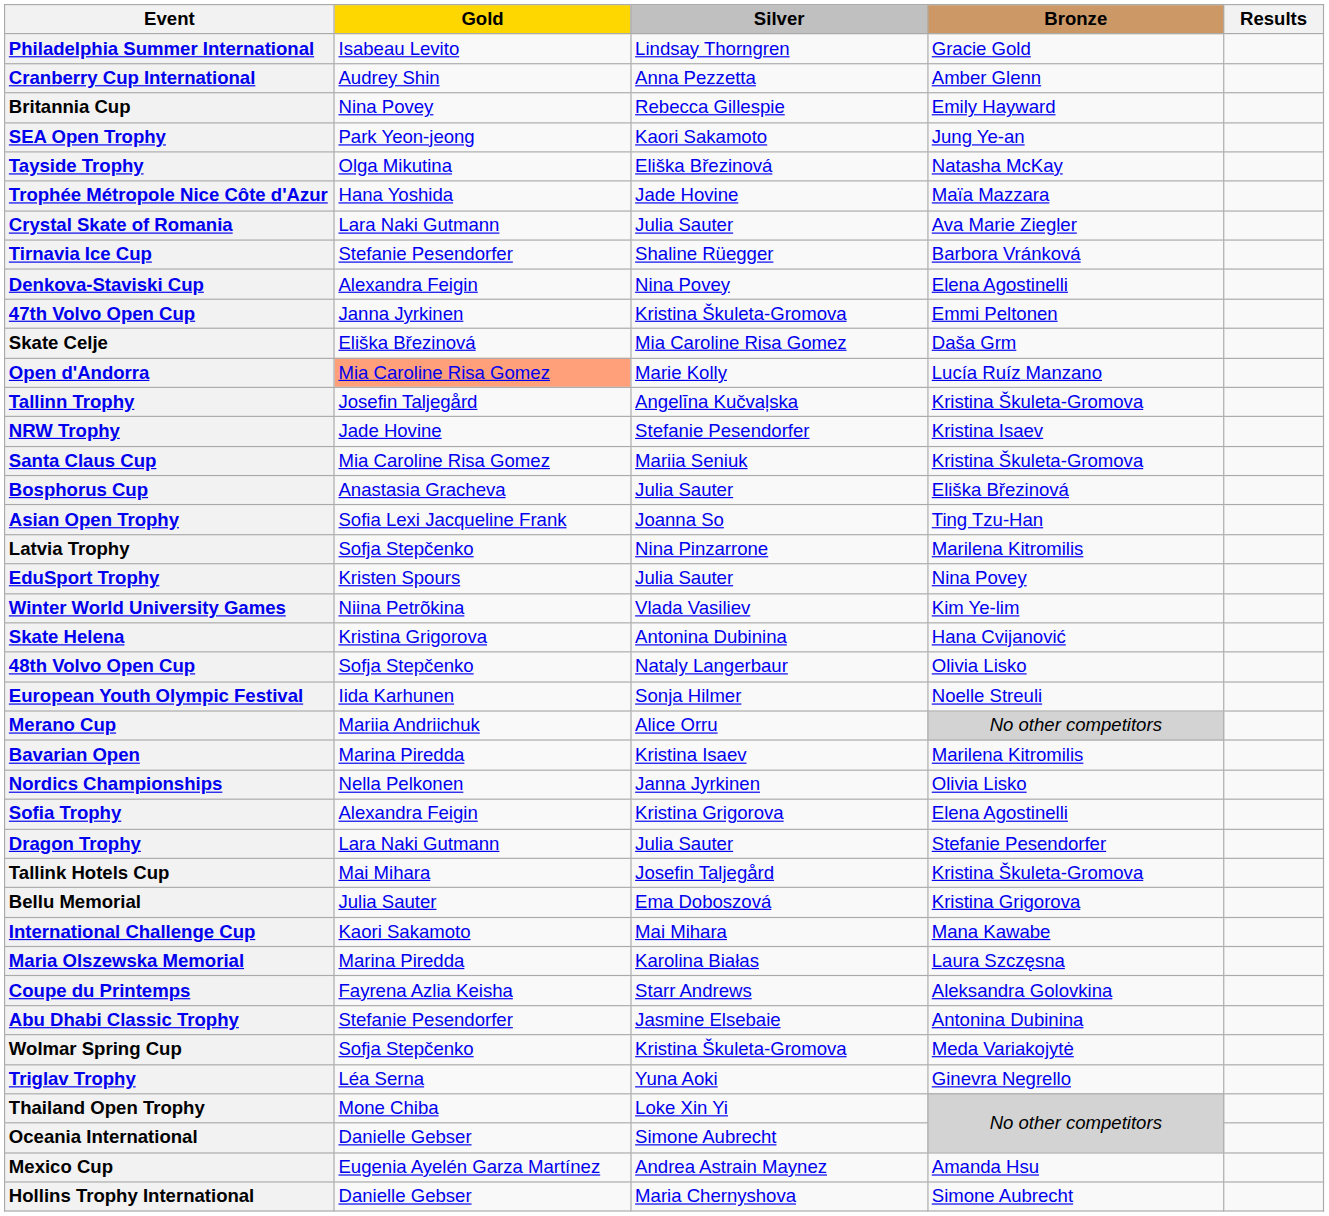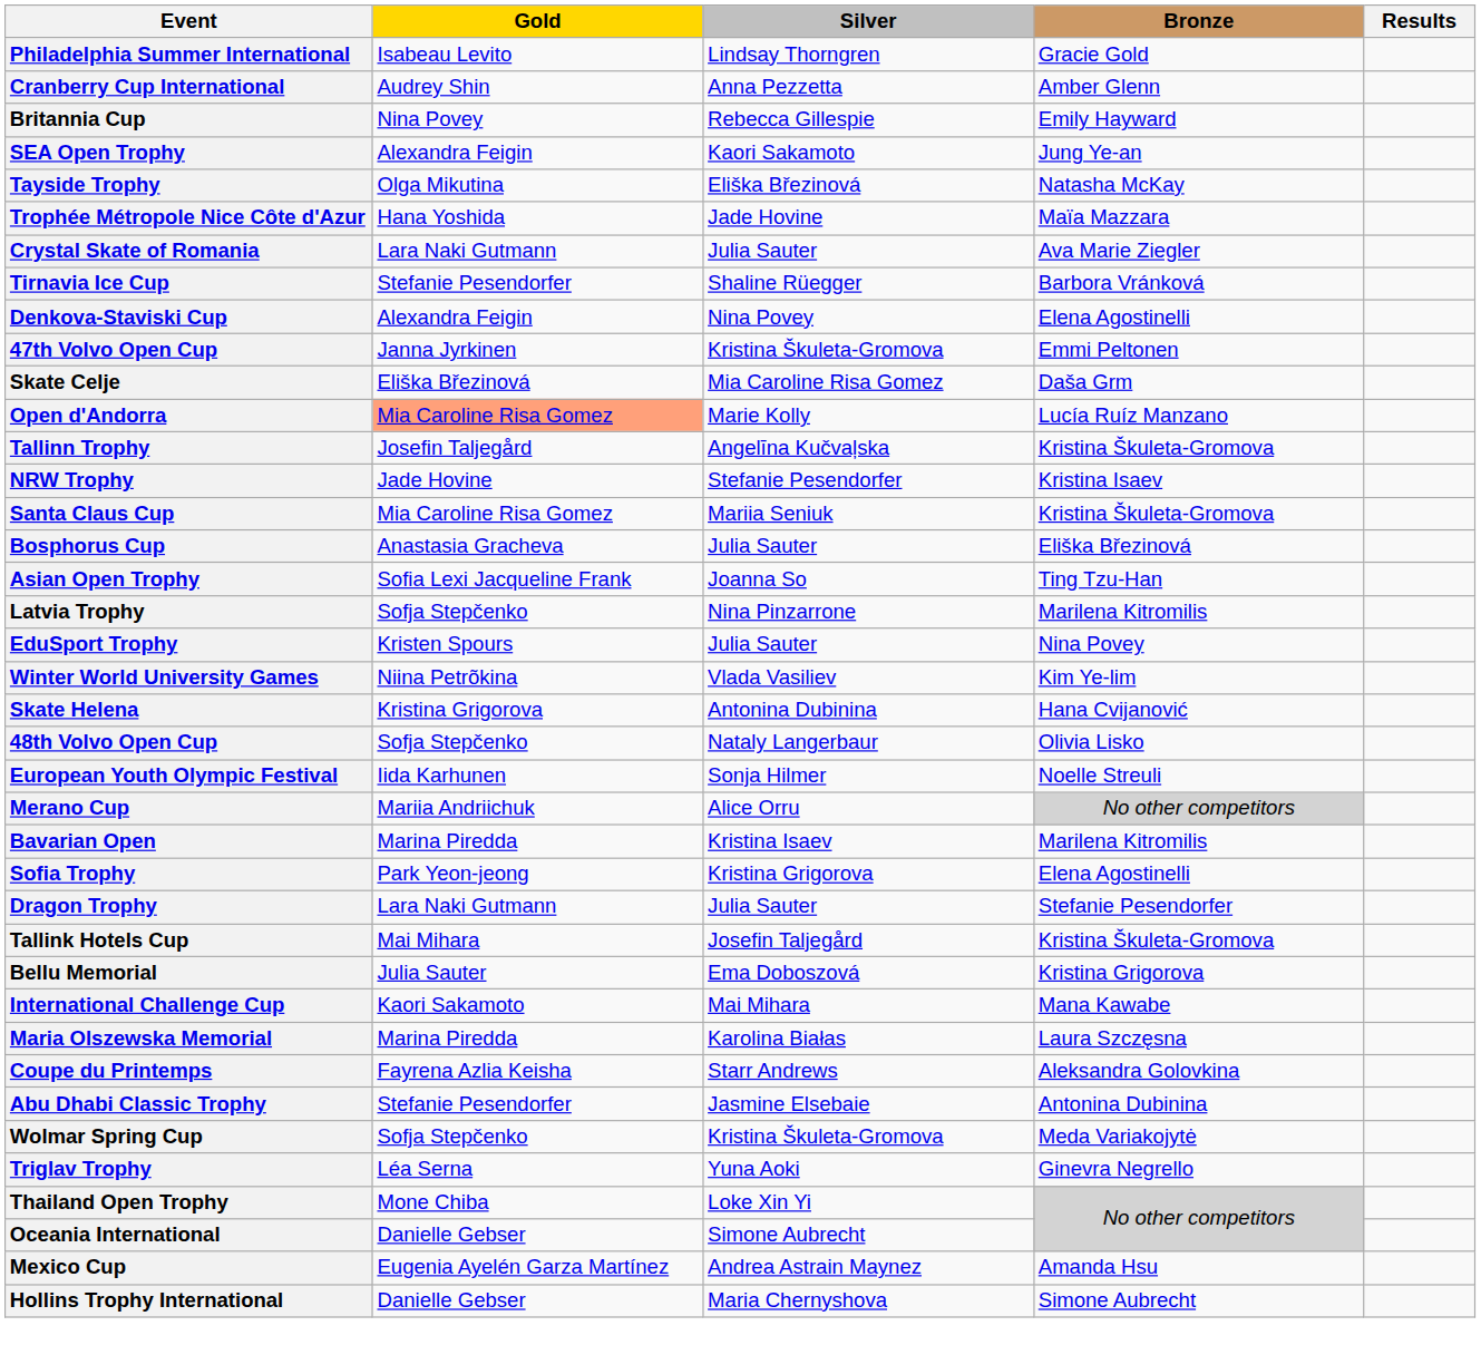 <table class="wikitable unsortable" style="text-align:left; width:90%;">
 <tr>
 <th scope="col" style="text-align:center; width:25%;">Event</th>
 <td scope="col" style="text-align:center; width:22.5%; background:gold"><strong>Gold</strong></td>
 <td scope="col" style="text-align:center; width:22.5%; background:silver"><strong>Silver</strong></td>
 <td scope="col" style="text-align:center; width:22.5%; background:#c96"><strong>Bronze</strong></td>
 <th scope="col" style="text-align:center; width:7.5%;">Results</th>
 </tr>
 <tr>
 <th scope="row" style="text-align:left"> <a href='#'>Philadelphia Summer International</a></th>
 <td> <a href='#'>Isabeau Levito</a></td>
 <td> <a href='#'>Lindsay Thorngren</a></td>
 <td> <a href='#'>Gracie Gold</a></td>
 <td></td>
 </tr>
 <tr>
 <th scope="row" style="text-align:left"> <a href='#'>Cranberry Cup International</a></th>
 <td> <a href='#'>Audrey Shin</a></td>
 <td> <a href='#'>Anna Pezzetta</a></td>
 <td> <a href='#'>Amber Glenn</a></td>
 <td></td>
 </tr>
 <tr>
 <th scope="row" style="text-align:left"> Britannia Cup</th>
 <td> <a href='#'>Nina Povey</a></td>
 <td> <a href='#'>Rebecca Gillespie</a></td>
 <td> <a href='#'>Emily Hayward</a></td>
 <td></td>
 </tr>
 <tr>
 <th scope="row" style="text-align:left"> <a href='#'>SEA Open Trophy</a></th>
-<td> <a href='#'>Park Yeon-jeong</a></td>
+<td> <a href='#'>Alexandra Feigin</a></td>
 <td> <a href='#'>Kaori Sakamoto</a></td>
 <td> <a href='#'>Jung Ye-an</a></td>
 <td></td>
 </tr>
 <tr>
 <th scope="row" style="text-align:left"> <a href='#'>Tayside Trophy</a></th>
 <td> <a href='#'>Olga Mikutina</a></td>
 <td> <a href='#'>Eliška Březinová</a></td>
 <td> <a href='#'>Natasha McKay</a></td>
 <td></td>
 </tr>
 <tr>
 <th scope="row" style="text-align:left"> <a href='#'>Trophée Métropole Nice Côte d'Azur</a></th>
 <td> <a href='#'>Hana Yoshida</a></td>
 <td> <a href='#'>Jade Hovine</a></td>
 <td> <a href='#'>Maïa Mazzara</a></td>
 <td></td>
 </tr>
 <tr>
 <th scope="row" style="text-align:left"> <a href='#'>Crystal Skate of Romania</a></th>
 <td> <a href='#'>Lara Naki Gutmann</a></td>
 <td> <a href='#'>Julia Sauter</a></td>
 <td> <a href='#'>Ava Marie Ziegler</a></td>
 <td></td>
 </tr>
 <tr>
 <th scope="row" style="text-align:left"> <a href='#'>Tirnavia Ice Cup</a></th>
 <td> <a href='#'>Stefanie Pesendorfer</a></td>
 <td> <a href='#'>Shaline Rüegger</a></td>
 <td> <a href='#'>Barbora Vránková</a></td>
 <td></td>
 </tr>
 <tr>
 <th scope="row" style="text-align:left"> <a href='#'>Denkova-Staviski Cup</a></th>
 <td> <a href='#'>Alexandra Feigin</a></td>
 <td> <a href='#'>Nina Povey</a></td>
 <td> <a href='#'>Elena Agostinelli</a></td>
 <td></td>
 </tr>
 <tr>
 <th scope="row" style="text-align:left"> <a href='#'>47th Volvo Open Cup</a></th>
 <td> <a href='#'>Janna Jyrkinen</a></td>
 <td> <a href='#'>Kristina Škuleta-Gromova</a></td>
 <td> <a href='#'>Emmi Peltonen</a></td>
 <td></td>
 </tr>
 <tr>
 <th scope="row" style="text-align:left"> Skate Celje</th>
 <td> <a href='#'>Eliška Březinová</a></td>
 <td> <a href='#'>Mia Caroline Risa Gomez</a></td>
 <td> <a href='#'>Daša Grm</a></td>
 <td></td>
 </tr>
 <tr>
 <th scope="row" style="text-align:left"> <a href='#'>Open d'Andorra</a></th>
 <td style="background: lightsalmon;"> <a href='#'>Mia Caroline Risa Gomez</a></td>
 <td> <a href='#'>Marie Kolly</a></td>
 <td> <a href='#'>Lucía Ruíz Manzano</a></td>
 <td></td>
 </tr>
 <tr>
 <th scope="row" style="text-align:left"> <a href='#'>Tallinn Trophy</a></th>
 <td> <a href='#'>Josefin Taljegård</a></td>
 <td> <a href='#'>Angelīna Kučvaļska</a></td>
 <td> <a href='#'>Kristina Škuleta-Gromova</a></td>
 <td></td>
 </tr>
 <tr>
 <th scope="row" style="text-align:left"> <a href='#'>NRW Trophy</a></th>
 <td> <a href='#'>Jade Hovine</a></td>
 <td> <a href='#'>Stefanie Pesendorfer</a></td>
 <td> <a href='#'>Kristina Isaev</a></td>
 <td></td>
 </tr>
 <tr>
 <th scope="row" style="text-align:left"> <a href='#'>Santa Claus Cup</a></th>
 <td> <a href='#'>Mia Caroline Risa Gomez</a></td>
 <td> <a href='#'>Mariia Seniuk</a></td>
 <td> <a href='#'>Kristina Škuleta-Gromova</a></td>
 <td></td>
 </tr>
 <tr>
 <th scope="row" style="text-align:left"> <a href='#'>Bosphorus Cup</a></th>
 <td> <a href='#'>Anastasia Gracheva</a></td>
 <td> <a href='#'>Julia Sauter</a></td>
 <td> <a href='#'>Eliška Březinová</a></td>
 <td></td>
 </tr>
 <tr>
 <th scope="row" style="text-align:left"> <a href='#'>Asian Open Trophy</a></th>
 <td> <a href='#'>Sofia Lexi Jacqueline Frank</a></td>
 <td> <a href='#'>Joanna So</a></td>
 <td> <a href='#'>Ting Tzu-Han</a></td>
 <td></td>
 </tr>
 <tr>
 <th scope="row" style="text-align:left"> Latvia Trophy</th>
 <td> <a href='#'>Sofja Stepčenko</a></td>
 <td> <a href='#'>Nina Pinzarrone</a></td>
 <td> <a href='#'>Marilena Kitromilis</a></td>
 <td></td>
 </tr>
 <tr>
 <th scope="row" style="text-align:left"> <a href='#'>EduSport Trophy</a></th>
 <td> <a href='#'>Kristen Spours</a></td>
 <td> <a href='#'>Julia Sauter</a></td>
 <td> <a href='#'>Nina Povey</a></td>
 <td></td>
 </tr>
 <tr>
 <th scope="row" style="text-align:left"> <a href='#'>Winter World University Games</a></th>
 <td> <a href='#'>Niina Petrõkina</a></td>
 <td> <a href='#'>Vlada Vasiliev</a></td>
 <td> <a href='#'>Kim Ye-lim</a></td>
 <td></td>
 </tr>
 <tr>
 <th scope="row" style="text-align:left"> <a href='#'>Skate Helena</a></th>
 <td> <a href='#'>Kristina Grigorova</a></td>
 <td> <a href='#'>Antonina Dubinina</a></td>
 <td> <a href='#'>Hana Cvijanović</a></td>
 <td></td>
 </tr>
 <tr>
 <th scope="row" style="text-align:left"> <a href='#'>48th Volvo Open Cup</a></th>
 <td> <a href='#'>Sofja Stepčenko</a></td>
 <td> <a href='#'>Nataly Langerbaur</a></td>
 <td> <a href='#'>Olivia Lisko</a></td>
 <td></td>
 </tr>
 <tr>
 <th scope="row" style="text-align:left"> <a href='#'>European Youth Olympic Festival</a></th>
 <td> <a href='#'>Iida Karhunen</a></td>
 <td> <a href='#'>Sonja Hilmer</a></td>
 <td> <a href='#'>Noelle Streuli</a></td>
 <td></td>
 </tr>
 <tr>
 <th scope="row" style="text-align:left"> <a href='#'>Merano Cup</a></th>
 <td> <a href='#'>Mariia Andriichuk</a></td>
 <td> <a href='#'>Alice Orru</a></td>
 <td align="center" bgcolor="lightgray"><em>No other competitors</em></td>
 <td></td>
 </tr>
 <tr>
 <th scope="row" style="text-align:left"> <a href='#'>Bavarian Open</a></th>
 <td> <a href='#'>Marina Piredda</a></td>
 <td> <a href='#'>Kristina Isaev</a></td>
 <td> <a href='#'>Marilena Kitromilis</a></td>
 <td></td>
 </tr>
 <tr>
-<th scope="row" style="text-align:left"> <a href='#'>Nordics Championships</a></th>
-<td> <a href='#'>Nella Pelkonen</a></td>
-<td> <a href='#'>Janna Jyrkinen</a></td>
-<td> <a href='#'>Olivia Lisko</a></td>
-<td></td>
-</tr>
-<tr>
 <th scope="row" style="text-align:left"> <a href='#'>Sofia Trophy</a></th>
-<td> <a href='#'>Alexandra Feigin</a></td>
+<td> <a href='#'>Park Yeon-jeong</a></td>
 <td> <a href='#'>Kristina Grigorova</a></td>
 <td> <a href='#'>Elena Agostinelli</a></td>
 <td></td>
 </tr>
 <tr>
 <th scope="row" style="text-align:left"> <a href='#'>Dragon Trophy</a></th>
 <td> <a href='#'>Lara Naki Gutmann</a></td>
 <td> <a href='#'>Julia Sauter</a></td>
 <td> <a href='#'>Stefanie Pesendorfer</a></td>
 <td></td>
 </tr>
 <tr>
 <th scope="row" style="text-align:left"> Tallink Hotels Cup</th>
 <td> <a href='#'>Mai Mihara</a></td>
 <td> <a href='#'>Josefin Taljegård</a></td>
 <td> <a href='#'>Kristina Škuleta-Gromova</a></td>
 <td></td>
 </tr>
 <tr>
 <th scope="row" style="text-align:left"> Bellu Memorial</th>
 <td> <a href='#'>Julia Sauter</a></td>
 <td> <a href='#'>Ema Doboszová</a></td>
 <td> <a href='#'>Kristina Grigorova</a></td>
 <td></td>
 </tr>
 <tr>
 <th scope="row" style="text-align:left"> <a href='#'>International Challenge Cup</a></th>
 <td> <a href='#'>Kaori Sakamoto</a></td>
 <td> <a href='#'>Mai Mihara</a></td>
 <td> <a href='#'>Mana Kawabe</a></td>
 <td></td>
 </tr>
 <tr>
 <th scope="row" style="text-align:left"> <a href='#'>Maria Olszewska Memorial</a></th>
 <td> <a href='#'>Marina Piredda</a></td>
 <td> <a href='#'>Karolina Białas</a></td>
 <td> <a href='#'>Laura Szczęsna</a></td>
 <td></td>
 </tr>
 <tr>
 <th scope="row" style="text-align:left"> <a href='#'>Coupe du Printemps</a></th>
 <td> <a href='#'>Fayrena Azlia Keisha</a></td>
 <td> <a href='#'>Starr Andrews</a></td>
 <td> <a href='#'>Aleksandra Golovkina</a></td>
 <td></td>
 </tr>
 <tr>
 <th scope="row" style="text-align:left"> <a href='#'>Abu Dhabi Classic Trophy</a></th>
 <td> <a href='#'>Stefanie Pesendorfer</a></td>
 <td> <a href='#'>Jasmine Elsebaie</a></td>
 <td> <a href='#'>Antonina Dubinina</a></td>
 <td></td>
 </tr>
 <tr>
 <th scope="row" style="text-align:left"> Wolmar Spring Cup</th>
 <td> <a href='#'>Sofja Stepčenko</a></td>
 <td> <a href='#'>Kristina Škuleta-Gromova</a></td>
 <td> <a href='#'>Meda Variakojytė</a></td>
 <td></td>
 </tr>
 <tr>
 <th scope="row" style="text-align:left"> <a href='#'>Triglav Trophy</a></th>
 <td> <a href='#'>Léa Serna</a></td>
 <td> <a href='#'>Yuna Aoki</a></td>
 <td> <a href='#'>Ginevra Negrello</a></td>
 <td></td>
 </tr>
 <tr>
 <th scope="row" style="text-align:left"> Thailand Open Trophy</th>
 <td> <a href='#'>Mone Chiba</a></td>
 <td> <a href='#'>Loke Xin Yi</a></td>
 <td rowspan="2" align="center" bgcolor="lightgray"><em>No other competitors</em></td>
 <td></td>
 </tr>
 <tr>
 <th scope="row" style="text-align:left"> Oceania International</th>
 <td> <a href='#'>Danielle Gebser</a></td>
 <td> <a href='#'>Simone Aubrecht</a></td>
 <td></td>
 </tr>
 <tr>
 <th scope="row" style="text-align:left"> Mexico Cup</th>
 <td> <a href='#'>Eugenia Ayelén Garza Martínez</a></td>
 <td> <a href='#'>Andrea Astrain Maynez</a></td>
 <td> <a href='#'>Amanda Hsu</a></td>
 <td></td>
 </tr>
 <tr>
 <th scope="row" style="text-align:left"> Hollins Trophy International</th>
 <td> <a href='#'>Danielle Gebser</a></td>
 <td> <a href='#'>Maria Chernyshova</a></td>
 <td> <a href='#'>Simone Aubrecht</a></td>
 <td></td>
 </tr>
 </table>
